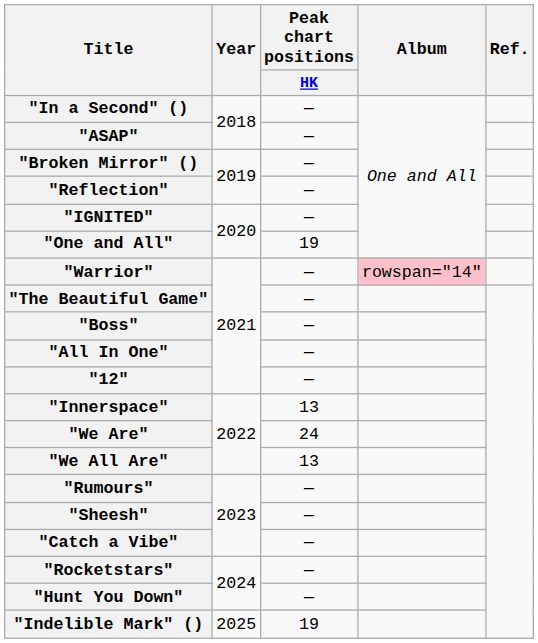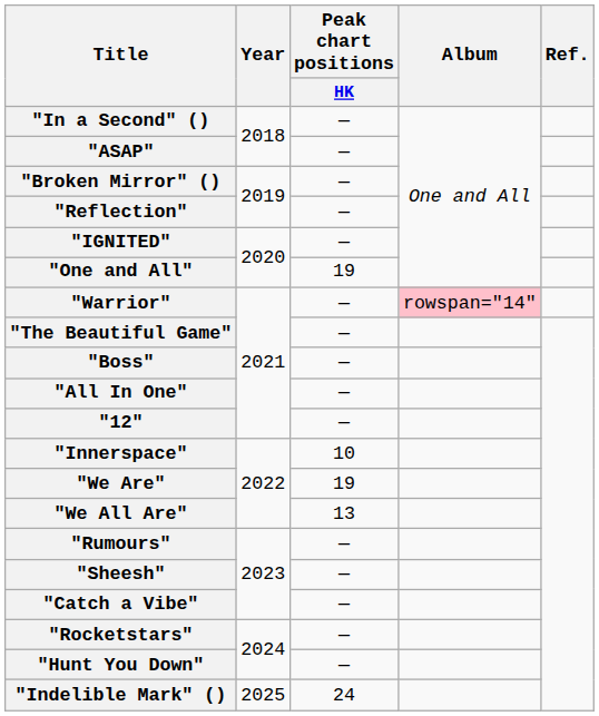 <table class="wikitable plainrowheaders" style="text-align:center;">
 <tr>
 <th rowspan="2" scope="col">Title</th>
 <th rowspan="2" scope="col">Year</th>
 <th colspan="1" scope="col">Peak chart positions</th>
 <th rowspan="2" scope="col">Album</th>
 <th rowspan="2" scope="col">Ref.</th>
 </tr>
 <tr>
 <th scope="col" style="width:2.5em; font-size:90%"><a href='#'>HK</a><br></th>
 </tr>
 <tr>
 <th scope="row">"In a Second" ()</th>
 <td rowspan="2">2018</td>
 <td align="center">—</td>
 <td rowspan="6"><em>One and All</em></td>
 <td></td>
 </tr>
 <tr>
 <th scope="row">"ASAP"</th>
 <td align="center">—</td>
 <td></td>
 </tr>
 <tr>
 <th scope="row">"Broken Mirror" ()</th>
 <td rowspan="2">2019</td>
 <td align="center">—</td>
 <td></td>
 </tr>
 <tr>
 <th scope="row">"Reflection"</th>
 <td align="center">—</td>
 <td></td>
 </tr>
 <tr>
 <th scope="row">"IGNITED"</th>
 <td rowspan="2">2020</td>
 <td align="center">—</td>
 <td></td>
 </tr>
 <tr>
 <th scope="row">"One and All"</th>
 <td align="center">19</td>
 <td></td>
 </tr>
 <tr>
 <th scope="row">"Warrior"</th>
 <td rowspan="5">2021</td>
 <td align="center">—</td>
 <td style="background: pink;">rowspan="14" </td>
 <td></td>
 </tr>
 <tr>
 <th scope="row">"The Beautiful Game"</th>
 <td align="center">—</td>
 <td></td>
 </tr>
 <tr>
 <th scope="row">"Boss"</th>
 <td align="center">—</td>
 <td></td>
 </tr>
 <tr>
 <th scope="row">"All In One"</th>
 <td align="center">—</td>
 <td></td>
 </tr>
 <tr>
 <th scope="row">"12"</th>
 <td align="center">—</td>
 <td></td>
 </tr>
 <tr>
 <th scope="row">"Innerspace"</th>
 <td rowspan="3">2022</td>
-<td align="center">13</td>
+<td align="center">10</td>
 <td></td>
 </tr>
 <tr>
 <th scope="row">"We Are"</th>
-<td align="center">24</td>
+<td align="center">19</td>
 <td></td>
 </tr>
 <tr>
 <th scope="row">"We All Are"</th>
 <td align="center">13</td>
 <td></td>
 </tr>
 <tr>
 <th scope="row">"Rumours"</th>
 <td rowspan="3">2023</td>
 <td align="center">—</td>
 <td></td>
 </tr>
 <tr>
 <th scope="row">"Sheesh"</th>
 <td align="center">—</td>
 <td></td>
 </tr>
 <tr>
 <th scope="row">"Catch a Vibe"</th>
 <td align="center">—</td>
 <td></td>
 </tr>
 <tr>
 <th scope="row">"Rocketstars"</th>
 <td rowspan="2">2024</td>
 <td align="center">—</td>
 <td></td>
 </tr>
 <tr>
 <th scope="row">"Hunt You Down"</th>
 <td align="center">—</td>
 <td></td>
 </tr>
 <tr>
 <th scope="row">"Indelible Mark" ()</th>
 <td>2025</td>
-<td align="center">19</td>
+<td align="center">24</td>
 <td></td>
 </tr>
 </table>
